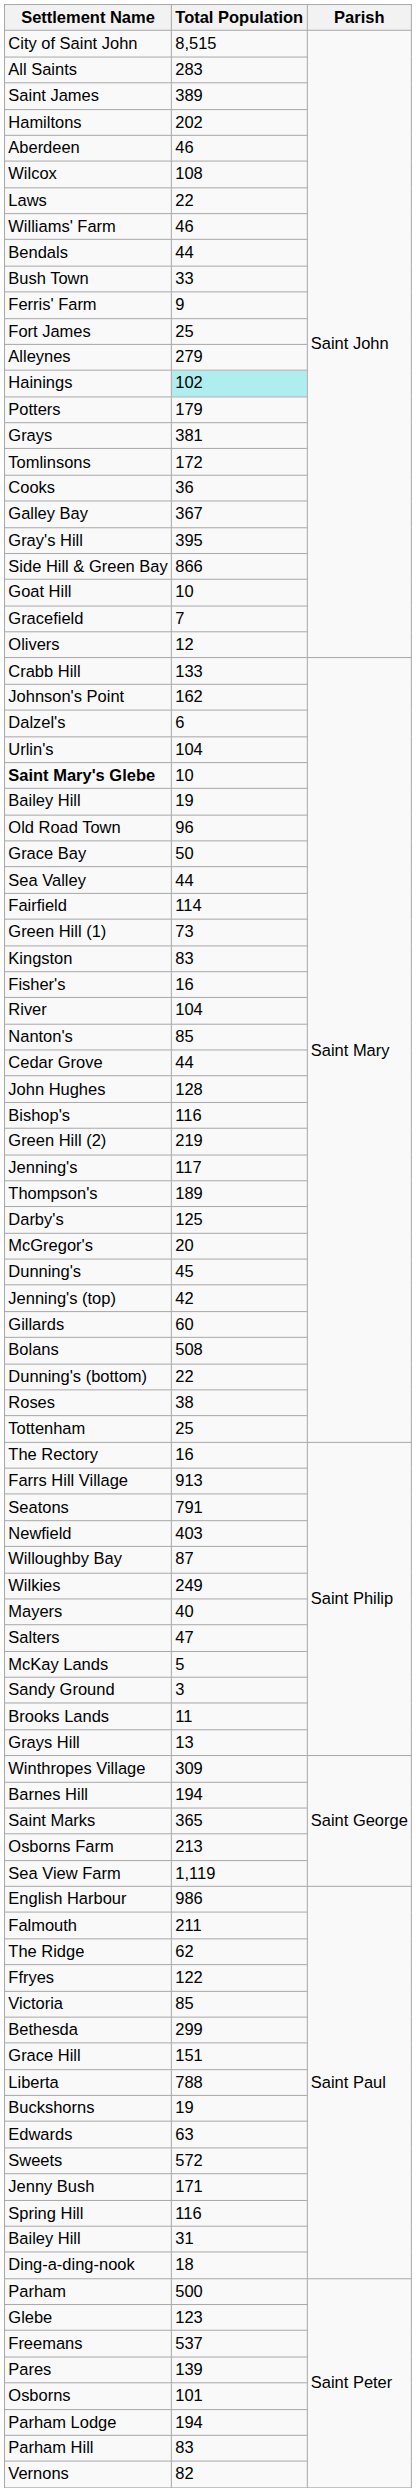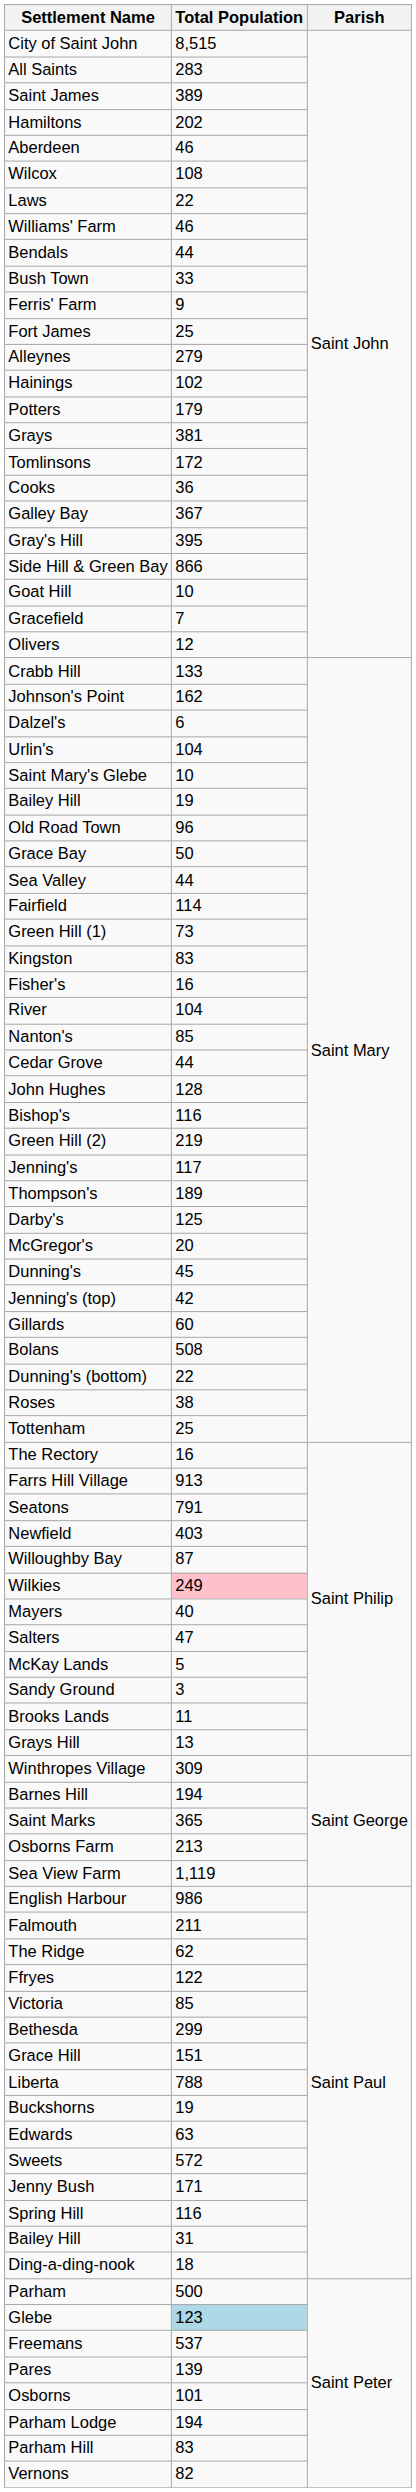 <table class="wikitable sortable mw-collapsible mw-collapsed">
 <tr>
 <th>Settlement Name</th>
 <th>Total Population</th>
 <th>Parish</th>
 </tr>
 <tr>
 <td>City of Saint John</td>
 <td>8,515</td>
 <td rowspan="24">Saint John</td>
 </tr>
 <tr>
 <td>All Saints</td>
 <td>283</td>
 </tr>
 <tr>
 <td>Saint James</td>
 <td>389</td>
 </tr>
 <tr>
 <td>Hamiltons</td>
 <td>202</td>
 </tr>
 <tr>
 <td>Aberdeen</td>
 <td>46</td>
 </tr>
 <tr>
 <td>Wilcox</td>
 <td>108</td>
 </tr>
 <tr>
 <td>Laws</td>
 <td>22</td>
 </tr>
 <tr>
 <td>Williams' Farm</td>
 <td>46</td>
 </tr>
 <tr>
 <td>Bendals</td>
 <td>44</td>
 </tr>
 <tr>
 <td>Bush Town</td>
 <td>33</td>
 </tr>
 <tr>
 <td>Ferris' Farm</td>
 <td>9</td>
 </tr>
 <tr>
 <td>Fort James</td>
 <td>25</td>
 </tr>
 <tr>
 <td>Alleynes</td>
 <td>279</td>
 </tr>
 <tr>
 <td>Hainings</td>
-<td style="background: paleturquoise;">102</td>
+<td>102</td>
 </tr>
 <tr>
 <td>Potters</td>
 <td>179</td>
 </tr>
 <tr>
 <td>Grays</td>
 <td>381</td>
 </tr>
 <tr>
 <td>Tomlinsons</td>
 <td>172</td>
 </tr>
 <tr>
 <td>Cooks</td>
 <td>36</td>
 </tr>
 <tr>
 <td>Galley Bay</td>
 <td>367</td>
 </tr>
 <tr>
 <td>Gray's Hill</td>
 <td>395</td>
 </tr>
 <tr>
 <td>Side Hill & Green Bay</td>
 <td>866</td>
 </tr>
 <tr>
 <td>Goat Hill</td>
 <td>10</td>
 </tr>
 <tr>
 <td>Gracefield</td>
 <td>7</td>
 </tr>
 <tr>
 <td>Olivers</td>
 <td>12</td>
 </tr>
 <tr>
 <td>Crabb Hill</td>
 <td>133</td>
 <td rowspan="30">Saint Mary</td>
 </tr>
 <tr>
 <td>Johnson's Point</td>
 <td>162</td>
 </tr>
 <tr>
 <td>Dalzel's</td>
 <td>6</td>
 </tr>
 <tr>
 <td>Urlin's</td>
 <td>104</td>
 </tr>
 <tr>
-<td><strong>Saint Mary's Glebe</strong></td>
+<td>Saint Mary's Glebe</td>
 <td>10</td>
 </tr>
 <tr>
 <td>Bailey Hill</td>
 <td>19</td>
 </tr>
 <tr>
 <td>Old Road Town</td>
 <td>96</td>
 </tr>
 <tr>
 <td>Grace Bay</td>
 <td>50</td>
 </tr>
 <tr>
 <td>Sea Valley</td>
 <td>44</td>
 </tr>
 <tr>
 <td>Fairfield</td>
 <td>114</td>
 </tr>
 <tr>
 <td>Green Hill (1)</td>
 <td>73</td>
 </tr>
 <tr>
 <td>Kingston</td>
 <td>83</td>
 </tr>
 <tr>
 <td>Fisher's</td>
 <td>16</td>
 </tr>
 <tr>
 <td>River</td>
 <td>104</td>
 </tr>
 <tr>
 <td>Nanton's</td>
 <td>85</td>
 </tr>
 <tr>
 <td>Cedar Grove</td>
 <td>44</td>
 </tr>
 <tr>
 <td>John Hughes</td>
 <td>128</td>
 </tr>
 <tr>
 <td>Bishop's</td>
 <td>116</td>
 </tr>
 <tr>
 <td>Green Hill (2)</td>
 <td>219</td>
 </tr>
 <tr>
 <td>Jenning's</td>
 <td>117</td>
 </tr>
 <tr>
 <td>Thompson's</td>
 <td>189</td>
 </tr>
 <tr>
 <td>Darby's</td>
 <td>125</td>
 </tr>
 <tr>
 <td>McGregor's</td>
 <td>20</td>
 </tr>
 <tr>
 <td>Dunning's</td>
 <td>45</td>
 </tr>
 <tr>
 <td>Jenning's (top)</td>
 <td>42</td>
 </tr>
 <tr>
 <td>Gillards</td>
 <td>60</td>
 </tr>
 <tr>
 <td>Bolans</td>
 <td>508</td>
 </tr>
 <tr>
 <td>Dunning's (bottom)</td>
 <td>22</td>
 </tr>
 <tr>
 <td>Roses</td>
 <td>38</td>
 </tr>
 <tr>
 <td>Tottenham</td>
 <td>25</td>
 </tr>
 <tr>
 <td>The Rectory</td>
 <td>16</td>
 <td rowspan="12">Saint Philip</td>
 </tr>
 <tr>
 <td>Farrs Hill Village</td>
 <td>913</td>
 </tr>
 <tr>
 <td>Seatons</td>
 <td>791</td>
 </tr>
 <tr>
 <td>Newfield</td>
 <td>403</td>
 </tr>
 <tr>
 <td>Willoughby Bay</td>
 <td>87</td>
 </tr>
 <tr>
 <td>Wilkies</td>
-<td>249</td>
+<td style="background: pink;">249</td>
 </tr>
 <tr>
 <td>Mayers</td>
 <td>40</td>
 </tr>
 <tr>
 <td>Salters</td>
 <td>47</td>
 </tr>
 <tr>
 <td>McKay Lands</td>
 <td>5</td>
 </tr>
 <tr>
 <td>Sandy Ground</td>
 <td>3</td>
 </tr>
 <tr>
 <td>Brooks Lands</td>
 <td>11</td>
 </tr>
 <tr>
 <td>Grays Hill</td>
 <td>13</td>
 </tr>
 <tr>
 <td>Winthropes Village</td>
 <td>309</td>
 <td rowspan="5">Saint George</td>
 </tr>
 <tr>
 <td>Barnes Hill</td>
 <td>194</td>
 </tr>
 <tr>
 <td>Saint Marks</td>
 <td>365</td>
 </tr>
 <tr>
 <td>Osborns Farm</td>
 <td>213</td>
 </tr>
 <tr>
 <td>Sea View Farm</td>
 <td>1,119</td>
 </tr>
 <tr>
 <td>English Harbour</td>
 <td>986</td>
 <td rowspan="15">Saint Paul</td>
 </tr>
 <tr>
 <td>Falmouth</td>
 <td>211</td>
 </tr>
 <tr>
 <td>The Ridge</td>
 <td>62</td>
 </tr>
 <tr>
 <td>Ffryes</td>
 <td>122</td>
 </tr>
 <tr>
 <td>Victoria</td>
 <td>85</td>
 </tr>
 <tr>
 <td>Bethesda</td>
 <td>299</td>
 </tr>
 <tr>
 <td>Grace Hill</td>
 <td>151</td>
 </tr>
 <tr>
 <td>Liberta</td>
 <td>788</td>
 </tr>
 <tr>
 <td>Buckshorns</td>
 <td>19</td>
 </tr>
 <tr>
 <td>Edwards</td>
 <td>63</td>
 </tr>
 <tr>
 <td>Sweets</td>
 <td>572</td>
 </tr>
 <tr>
 <td>Jenny Bush</td>
 <td>171</td>
 </tr>
 <tr>
 <td>Spring Hill</td>
 <td>116</td>
 </tr>
 <tr>
 <td>Bailey Hill</td>
 <td>31</td>
 </tr>
 <tr>
 <td>Ding-a-ding-nook</td>
 <td>18</td>
 </tr>
 <tr>
 <td>Parham</td>
 <td>500</td>
 <td rowspan="8">Saint Peter</td>
 </tr>
 <tr>
 <td>Glebe</td>
-<td>123</td>
+<td style="background: lightblue;">123</td>
 </tr>
 <tr>
 <td>Freemans</td>
 <td>537</td>
 </tr>
 <tr>
 <td>Pares</td>
 <td>139</td>
 </tr>
 <tr>
 <td>Osborns</td>
 <td>101</td>
 </tr>
 <tr>
 <td>Parham Lodge</td>
 <td>194</td>
 </tr>
 <tr>
 <td>Parham Hill</td>
 <td>83</td>
 </tr>
 <tr>
 <td>Vernons</td>
 <td>82</td>
 </tr>
 </table>
